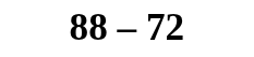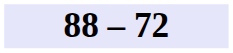 <table style="text-align:center">
 <tr>
 <th width=200></th>
 <th width=100></th>
 <th width=200></th>
 </tr>
 <tr>
 <td align=right><strong></strong></td>
-<td><strong>88 – 72</strong></td>
+<td style="background: lavender;"><strong>88 – 72</strong></td>
 <td align=left></td>
 </tr>
 </table>
